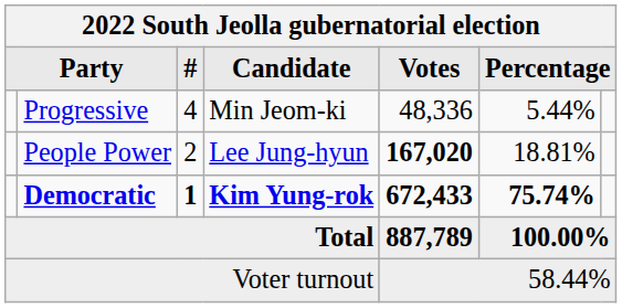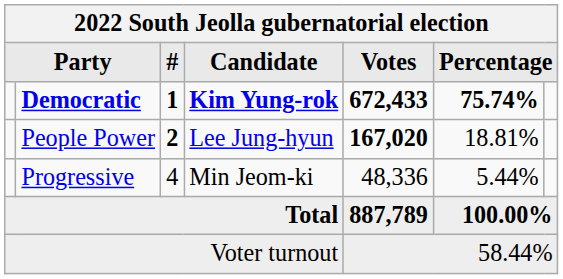 <table class="wikitable">
 <tr>
 <th colspan="7">2022 South Jeolla gubernatorial election</th>
 </tr>
 <tr>
 <th style="background-color:#E9E9E9" colspan=2>Party</th>
 <th style="background-color:#E9E9E9">#</th>
 <th style="background-color:#E9E9E9">Candidate</th>
 <th style="background-color:#E9E9E9">Votes</th>
 <th style="background-color:#E9E9E9" colspan=2>Percentage</th>
 </tr>
+<tr style="font-weight:bold">
+<td></td>
+<td align=left><a href='#'>Democratic</a></td>
+<td align=center>1</td>
+<td align=left><a href='#'>Kim Yung-rok</a></td>
+<td align=right>672,433</td>
+<td align=right>75.74%</td>
+<td align=right></td>
+</tr>
+<tr>
+<td></td>
+<td align=left><a href='#'>People Power</a></td>
+<td align=center><strong>2</strong></td>
+<td align=left><a href='#'>Lee Jung-hyun</a></td>
+<td align=right><strong>167,020</strong></td>
+<td align=right>18.81%</td>
+<td align=right></td>
+</tr>
 <tr>
 <td></td>
 <td align=left><a href='#'>Progressive</a></td>
 <td align=center>4</td>
 <td align=left>Min Jeom-ki</td>
 <td align=right>48,336</td>
 <td align=right>5.44%</td>
-<td align=right></td>
-</tr>
-<tr>
-<td></td>
-<td align=left><a href='#'>People Power</a></td>
-<td align=center>2</td>
-<td align=left><a href='#'>Lee Jung-hyun</a></td>
-<td align=right><strong>167,020</strong></td>
-<td align=right>18.81%</td>
-<td align=right></td>
-</tr>
-<tr style="font-weight:bold">
-<td></td>
-<td align=left><a href='#'>Democratic</a></td>
-<td align=center>1</td>
-<td align=left><a href='#'>Kim Yung-rok</a></td>
-<td align=right>672,433</td>
-<td align=right>75.74%</td>
 <td align=right></td>
 </tr>
 <tr bgcolor="#EEEEEE" style="font-weight:bold">
 <td colspan="4" align=right>Total</td>
 <td align=right>887,789</td>
 <td align=right colspan=2>100.00%</td>
 </tr>
 <tr bgcolor="#EEEEEE">
 <td colspan="4" align="right">Voter turnout</td>
 <td colspan="3" align="right">58.44%</td>
 </tr>
 </table>
